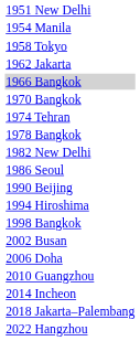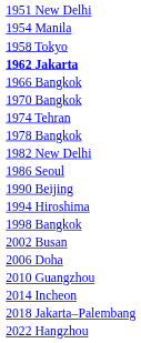 <table>
 <tr>
 <td><a href='#'>1951 New Delhi</a></td>
 <td></td>
 <td></td>
 <td></td>
 </tr>
 <tr>
 <td><a href='#'>1954 Manila</a></td>
 <td></td>
 <td></td>
 <td></td>
 </tr>
 <tr>
 <td><a href='#'>1958 Tokyo</a></td>
 <td></td>
 <td></td>
 <td></td>
 </tr>
 <tr>
-<td><a href='#'>1962 Jakarta</a></td>
+<td><strong><a href='#'>1962 Jakarta</a></strong></td>
 <td></td>
 <td></td>
 <td></td>
 </tr>
 <tr>
-<td style="background: lightgrey;"><a href='#'>1966 Bangkok</a></td>
+<td><a href='#'>1966 Bangkok</a></td>
 <td></td>
 <td></td>
 <td></td>
 </tr>
 <tr>
 <td><a href='#'>1970 Bangkok</a></td>
 <td></td>
 <td></td>
 <td></td>
 </tr>
 <tr>
 <td><a href='#'>1974 Tehran</a></td>
 <td></td>
 <td></td>
 <td></td>
 </tr>
 <tr>
 <td><a href='#'>1978 Bangkok</a></td>
 <td></td>
 <td></td>
 <td></td>
 </tr>
 <tr>
 <td><a href='#'>1982 New Delhi</a></td>
 <td></td>
 <td></td>
 <td></td>
 </tr>
 <tr>
 <td><a href='#'>1986 Seoul</a></td>
 <td></td>
 <td></td>
 <td></td>
 </tr>
 <tr>
 <td><a href='#'>1990 Beijing</a></td>
 <td></td>
 <td></td>
 <td></td>
 </tr>
 <tr>
 <td><a href='#'>1994 Hiroshima</a></td>
 <td></td>
 <td></td>
 <td></td>
 </tr>
 <tr>
 <td rowspan=3><a href='#'>1998 Bangkok</a></td>
 <td rowspan=3></td>
 <td rowspan=3></td>
 <td></td>
 </tr>
 <tr>
 <td></td>
 </tr>
 <tr>
 <td></td>
 </tr>
 <tr>
 <td><a href='#'>2002 Busan</a></td>
 <td></td>
 <td></td>
 <td></td>
 </tr>
 <tr>
 <td><a href='#'>2006 Doha</a></td>
 <td></td>
 <td></td>
 <td></td>
 </tr>
 <tr>
 <td><a href='#'>2010 Guangzhou</a></td>
 <td></td>
 <td></td>
 <td></td>
 </tr>
 <tr>
 <td><a href='#'>2014 Incheon</a></td>
 <td></td>
 <td></td>
 <td></td>
 </tr>
 <tr>
 <td><a href='#'>2018 Jakarta–Palembang</a></td>
 <td></td>
 <td></td>
 <td></td>
 </tr>
 <tr>
 <td><a href='#'>2022 Hangzhou</a></td>
 <td></td>
 <td></td>
 <td></td>
 </tr>
 </table>
